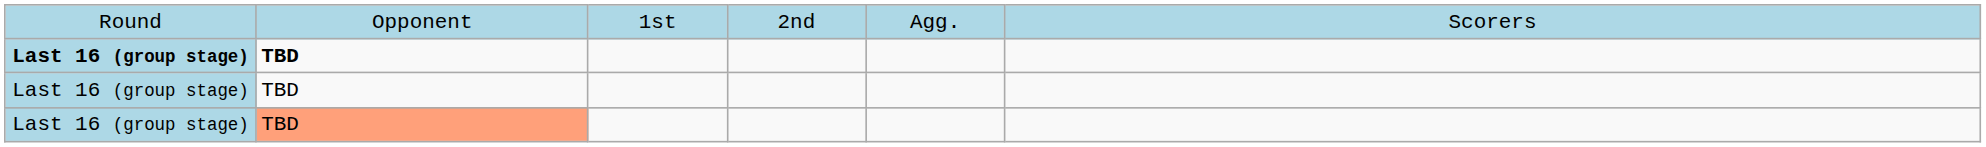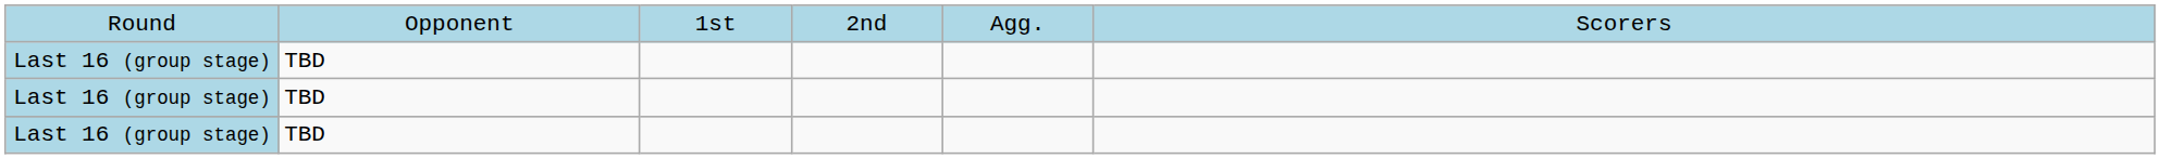 <table class="wikitable" style="text-align:center">
 <tr bgcolor=lightblue>
 <td width=150px>Round</td>
 <td width=200px>Opponent</td>
 <td width=80px>1st</td>
 <td width=80px>2nd</td>
 <td width=80px>Agg.</td>
 <td width=600px>Scorers</td>
 </tr>
 <tr>
-<td bgcolor=lightblue><strong>Last 16 <small>(group stage)</small></strong></td>
-<td align=left><strong>TBD</strong></td>
+<td bgcolor=lightblue>Last 16 <small>(group stage)</small></td>
+<td align=left>TBD</td>
 <td></td>
 <td></td>
 <td></td>
 <td></td>
 </tr>
 <tr>
 <td bgcolor=lightblue>Last 16 <small>(group stage)</small></td>
 <td align=left>TBD</td>
 <td></td>
 <td></td>
 <td></td>
 <td></td>
 </tr>
 <tr>
 <td bgcolor=lightblue>Last 16 <small>(group stage)</small></td>
-<td align=left style="background: lightsalmon;">TBD</td>
+<td align=left>TBD</td>
 <td></td>
 <td></td>
 <td></td>
 <td></td>
 </tr>
 </table>
